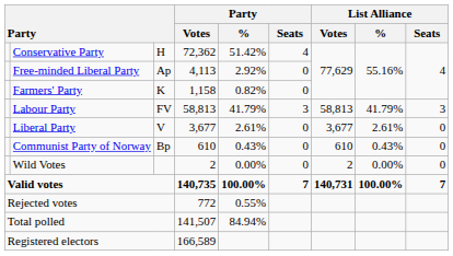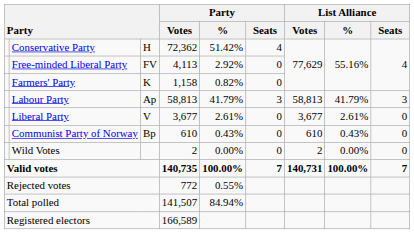 <table class="wikitable" border="1" style="text-align:right;">
 <tr>
 <th style="text-align:left;" valign=bottom rowspan=2 colspan=3>Party</th>
 <th colspan=3>Party</th>
 <th colspan=3>List Alliance</th>
 </tr>
 <tr>
 <th align=center valign=bottom width="50">Votes</th>
 <th align=center valign=bottom width="50">%</th>
 <th align=center valign=bottom width="50">Seats</th>
 <th align=center valign=bottom width="50">Votes</th>
 <th align=center valign=bottom width="50">%</th>
 <th align=center valign=bottom width="50">Seats</th>
 </tr>
 <tr>
 <td style="color:inherit;background:"></td>
 <td align=left><a href='#'>Conservative Party</a></td>
 <td align=left>H</td>
 <td>72,362</td>
 <td>51.42%</td>
 <td>4</td>
 <td rowspan=3>77,629</td>
 <td rowspan=3>55.16%</td>
 <td rowspan=3>4</td>
 </tr>
 <tr>
 <td style="color:inherit;background:"></td>
 <td align=left><a href='#'>Free-minded Liberal Party</a></td>
-<td align=left>Ap</td>
+<td align=left>FV</td>
 <td>4,113</td>
 <td>2.92%</td>
 <td>0</td>
 </tr>
 <tr>
 <td style="color:inherit;background:"></td>
 <td align=left><a href='#'>Farmers' Party</a></td>
 <td align=left>K</td>
 <td>1,158</td>
 <td>0.82%</td>
 <td>0</td>
 </tr>
 <tr>
 <td style="color:inherit;background:"></td>
 <td align=left><a href='#'>Labour Party</a></td>
-<td align=left>FV</td>
+<td align=left>Ap</td>
 <td>58,813</td>
 <td>41.79%</td>
 <td>3</td>
 <td>58,813</td>
 <td>41.79%</td>
 <td>3</td>
 </tr>
 <tr>
 <td style="color:inherit;background:"></td>
 <td align=left><a href='#'>Liberal Party</a></td>
 <td align=left>V</td>
 <td>3,677</td>
 <td>2.61%</td>
 <td>0</td>
 <td>3,677</td>
 <td>2.61%</td>
 <td>0</td>
 </tr>
 <tr>
 <td style="color:inherit;background:"></td>
 <td align=left><a href='#'>Communist Party of Norway</a></td>
 <td align=left>Bp</td>
 <td>610</td>
 <td>0.43%</td>
 <td>0</td>
 <td>610</td>
 <td>0.43%</td>
 <td>0</td>
 </tr>
 <tr>
 <td></td>
 <td align=left>Wild Votes</td>
 <td align=left></td>
 <td>2</td>
 <td>0.00%</td>
 <td>0</td>
 <td>2</td>
 <td>0.00%</td>
 <td>0</td>
 </tr>
 <tr style="font-weight:bold">
 <td align=left colspan=3>Valid votes</td>
 <td>140,735</td>
 <td>100.00%</td>
 <td>7</td>
 <td>140,731</td>
 <td>100.00%</td>
 <td>7</td>
 </tr>
 <tr>
 <td align=left colspan=3>Rejected votes</td>
 <td>772</td>
 <td>0.55%</td>
 <td></td>
 <td></td>
 <td></td>
 <td></td>
 </tr>
 <tr>
 <td align=left colspan=3>Total polled</td>
 <td>141,507</td>
 <td>84.94%</td>
 <td></td>
 <td></td>
 <td></td>
 <td></td>
 </tr>
 <tr>
 <td align=left colspan=3>Registered electors</td>
 <td>166,589</td>
 <td></td>
 <td></td>
 <td></td>
 <td></td>
 <td></td>
 </tr>
 </table>
